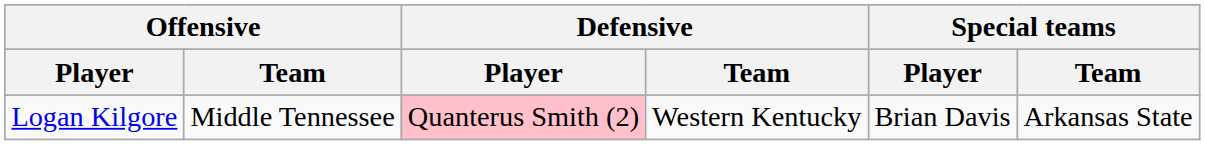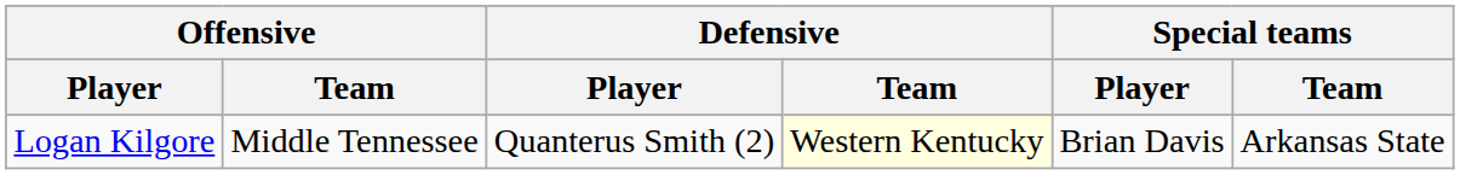 <table class="wikitable">
 <tr>
 <th colspan="2">Offensive</th>
 <th colspan="2">Defensive</th>
 <th colspan="2">Special teams</th>
 </tr>
 <tr>
 <th>Player</th>
 <th>Team</th>
 <th>Player</th>
 <th>Team</th>
 <th>Player</th>
 <th>Team</th>
 </tr>
 <tr>
 <td><a href='#'>Logan Kilgore</a></td>
 <td>Middle Tennessee</td>
-<td style="background: pink;">Quanterus Smith (2)</td>
-<td>Western Kentucky</td>
+<td>Quanterus Smith (2)</td>
+<td style="background: lightyellow;">Western Kentucky</td>
 <td>Brian Davis</td>
 <td>Arkansas State</td>
 </tr>
 </table>
